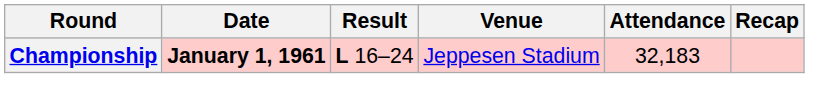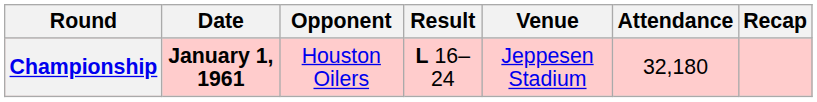 <table class="wikitable" style="text-align:center">
 <tr>
 <th>Round</th>
 <th>Date</th>
+<th>Opponent</th>
 <th>Result</th>
 <th>Venue</th>
 <th>Attendance</th>
 <th>Recap</th>
 </tr>
 <tr style="background:#fcc">
 <th><a href='#'>Championship</a></th>
 <td><strong>January 1, 1961</strong></td>
+<td><a href='#'>Houston Oilers</a></td>
 <td><strong>L</strong> 16–24</td>
 <td><a href='#'>Jeppesen Stadium</a></td>
-<td>32,183</td>
+<td>32,180</td>
 <td></td>
 </tr>
 </table>
